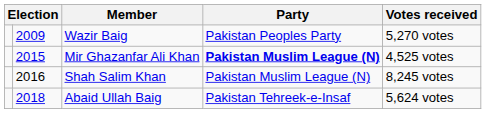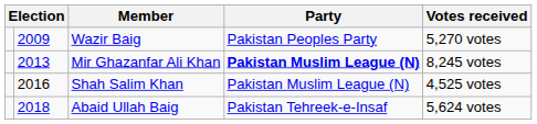 <table class="wikitable">
 <tr>
 <th colspan="2">Election</th>
 <th>Member</th>
 <th>Party</th>
 <th>Votes received</th>
 </tr>
 <tr>
 <td style="background-color: "></td>
 <td><a href='#'>2009</a></td>
 <td><a href='#'>Wazir Baig</a></td>
 <td><a href='#'>Pakistan Peoples Party</a></td>
 <td>5,270 votes</td>
 </tr>
 <tr>
 <td style="background-color: "></td>
-<td><a href='#'>2015</a></td>
+<td><a href='#'>2013</a></td>
 <td><a href='#'>Mir Ghazanfar Ali Khan</a></td>
 <td><strong><a href='#'>Pakistan Muslim League (N)</a></strong></td>
-<td>4,525 votes</td>
+<td>8,245 votes</td>
 </tr>
 <tr>
 <td style="background-color: "></td>
 <td>2016</td>
 <td><a href='#'>Shah Salim Khan</a></td>
 <td><a href='#'>Pakistan Muslim League (N)</a></td>
-<td>8,245 votes</td>
+<td>4,525 votes</td>
 </tr>
 <tr>
 <td style="background-color: "></td>
 <td><a href='#'>2018</a></td>
 <td><a href='#'>Abaid Ullah Baig</a></td>
 <td><a href='#'>Pakistan Tehreek-e-Insaf</a></td>
 <td>5,624 votes</td>
 </tr>
 </table>
